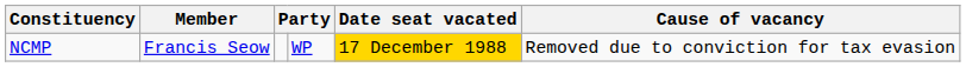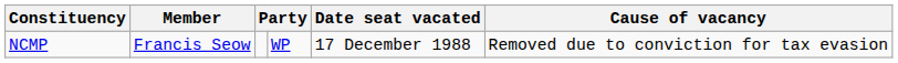 <table class="wikitable" border="1">
 <tr>
 <th>Constituency</th>
 <th>Member</th>
 <th colspan="2">Party</th>
 <th>Date seat vacated</th>
 <th>Cause of vacancy</th>
 </tr>
 <tr>
 <td scope="row"><a href='#'>NCMP</a></td>
 <td><a href='#'>Francis Seow</a></td>
 <td></td>
 <td><a href='#'>WP</a></td>
-<td style="background: gold;">17 December 1988</td>
+<td>17 December 1988</td>
 <td>Removed due to conviction for tax evasion</td>
 </tr>
 </table>
